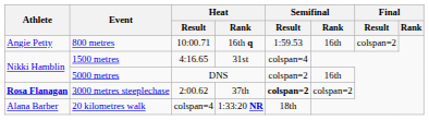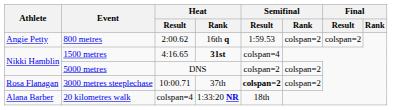 <table class="wikitable" style="font-size:90%">
 <tr>
 <th rowspan="2">Athlete</th>
 <th rowspan="2">Event</th>
 <th colspan="2">Heat</th>
 <th colspan="2">Semifinal</th>
 <th colspan="2">Final</th>
 </tr>
 <tr style="font-size:95%">
 <th>Result</th>
 <th>Rank</th>
 <th>Result</th>
 <th>Rank</th>
 <th>Result</th>
 <th>Rank</th>
 </tr>
 <tr style=text-align:center>
 <td style=text-align:left><a href='#'>Angie Petty</a></td>
 <td style=text-align:left><a href='#'>800 metres</a></td>
-<td>10:00.71</td>
+<td>2:00.62</td>
 <td>16th <strong>q</strong></td>
 <td>1:59.53</td>
-<td>16th</td>
+<td>colspan=2 </td>
 <td>colspan=2 </td>
 </tr>
 <tr style=text-align:center>
 <td style=text-align:left rowspan=2><a href='#'>Nikki Hamblin</a></td>
 <td style=text-align:left><a href='#'>1500 metres</a></td>
 <td>4:16.65</td>
-<td>31st</td>
+<td><strong>31st</strong></td>
 <td>colspan=4 </td>
 </tr>
 <tr style=text-align:center>
 <td style=text-align:left><a href='#'>5000 metres</a></td>
 <td colspan=2>DNS</td>
 <td>colspan=2 </td>
-<td>16th</td>
+<td>colspan=2 </td>
 </tr>
 <tr style=text-align:center>
-<td style=text-align:left><strong><a href='#'>Rosa Flanagan</a></strong></td>
+<td style=text-align:left><a href='#'>Rosa Flanagan</a></td>
 <td style=text-align:left><a href='#'>3000 metres steeplechase</a></td>
-<td>2:00.62</td>
+<td>10:00.71</td>
 <td>37th</td>
 <td><strong>colspan=2 </strong></td>
 <td>colspan=2 </td>
 </tr>
 <tr style=text-align:center>
 <td style=text-align:left><a href='#'>Alana Barber</a></td>
 <td style=text-align:left><a href='#'>20 kilometres walk</a></td>
 <td>colspan=4 </td>
 <td>1:33:20 <strong><a href='#'>NR</a></strong></td>
 <td>18th</td>
 </tr>
 </table>
